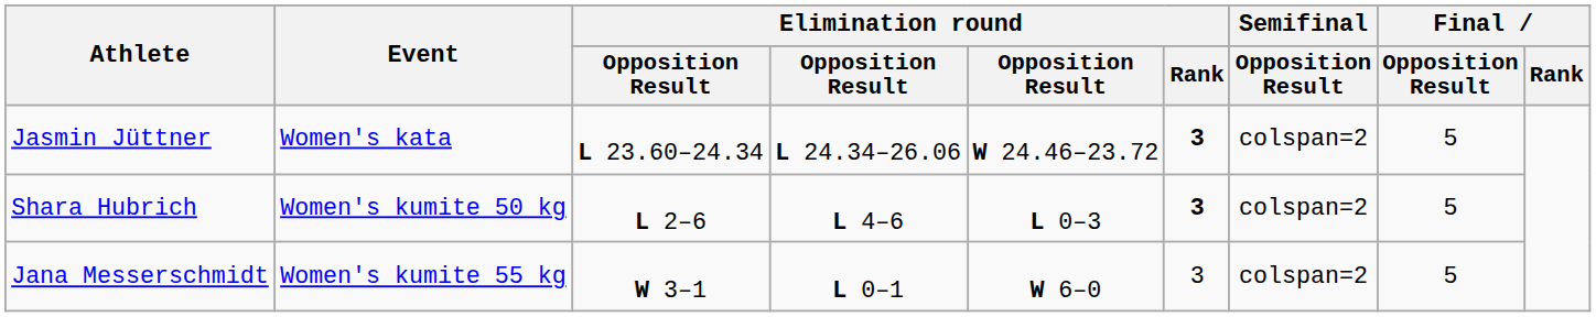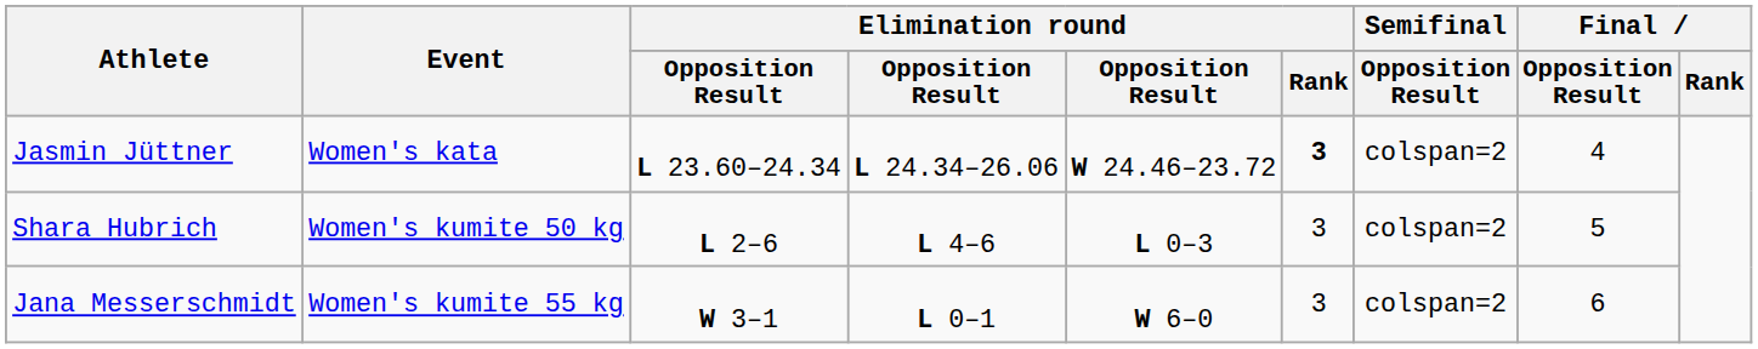 <table class=wikitable style=font-size:90%;text-align:center>
 <tr>
 <th rowspan=2>Athlete</th>
 <th rowspan=2>Event</th>
 <th colspan=4>Elimination round</th>
 <th>Semifinal</th>
 <th colspan=2>Final / </th>
 </tr>
 <tr style=font-size:95%>
 <th>Opposition<br>Result</th>
 <th>Opposition<br>Result</th>
 <th>Opposition<br>Result</th>
 <th>Rank</th>
 <th>Opposition<br>Result</th>
 <th>Opposition<br>Result</th>
 <th>Rank</th>
 </tr>
 <tr>
 <td align=left><a href='#'>Jasmin Jüttner</a></td>
 <td align=left><a href='#'>Women's kata</a></td>
 <td><br><strong>L</strong> 23.60–24.34</td>
 <td><br><strong>L</strong> 24.34–26.06</td>
 <td><br><strong>W</strong> 24.46–23.72</td>
 <td><strong>3</strong></td>
 <td>colspan=2 </td>
-<td>5</td>
+<td>4</td>
 </tr>
 <tr>
 <td align=left><a href='#'>Shara Hubrich</a></td>
 <td align=left><a href='#'>Women's kumite 50 kg</a></td>
 <td><br><strong>L</strong> 2–6</td>
 <td><br><strong>L</strong> 4–6</td>
 <td><br><strong>L</strong> 0–3</td>
-<td><strong>3</strong></td>
+<td>3</td>
 <td>colspan=2 </td>
 <td>5</td>
 </tr>
 <tr>
 <td align=left><a href='#'>Jana Messerschmidt</a></td>
 <td align=left><a href='#'>Women's kumite 55 kg</a></td>
 <td><br><strong>W</strong> 3–1</td>
 <td><br><strong>L</strong> 0–1</td>
 <td><br><strong>W</strong> 6–0</td>
 <td>3</td>
 <td>colspan=2 </td>
-<td>5</td>
+<td>6</td>
 </tr>
 </table>
